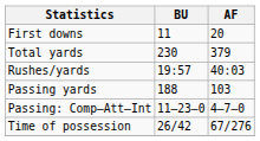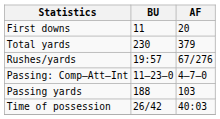 <table class="wikitable" style="float: left;">
 <tr>
 <th>Statistics</th>
 <th>BU</th>
 <th>AF</th>
 </tr>
 <tr>
 <td>First downs</td>
 <td>11</td>
 <td>20</td>
 </tr>
 <tr>
 <td>Total yards</td>
 <td>230</td>
 <td>379</td>
 </tr>
 <tr>
 <td>Rushes/yards</td>
 <td>19:57</td>
-<td>40:03</td>
+<td>67/276</td>
+</tr>
+<tr>
+<td>Passing: Comp–Att–Int</td>
+<td>11–23–0</td>
+<td>4–7–0</td>
 </tr>
 <tr>
 <td>Passing yards</td>
 <td>188</td>
 <td>103</td>
 </tr>
 <tr>
-<td>Passing: Comp–Att–Int</td>
-<td>11–23–0</td>
-<td>4–7–0</td>
-</tr>
-<tr>
 <td>Time of possession</td>
 <td>26/42</td>
-<td>67/276</td>
+<td>40:03</td>
 </tr>
 <tr>
 </tr>
 </table>
